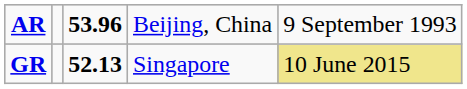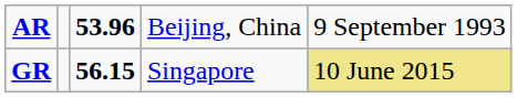 <table class="wikitable" style="font-size:95%; position:relative;">
 <tr>
 <td align=center><strong><a href='#'>AR</a></strong></td>
 <td></td>
 <td><strong>53.96</strong></td>
 <td><a href='#'>Beijing</a>, China</td>
 <td>9 September 1993</td>
 </tr>
 <tr>
 <td align=center><strong><a href='#'>GR</a></strong></td>
 <td></td>
-<td><strong>52.13</strong></td>
+<td><strong>56.15</strong></td>
 <td><a href='#'>Singapore</a></td>
 <td style="background: khaki;">10 June 2015</td>
 </tr>
 </table>
